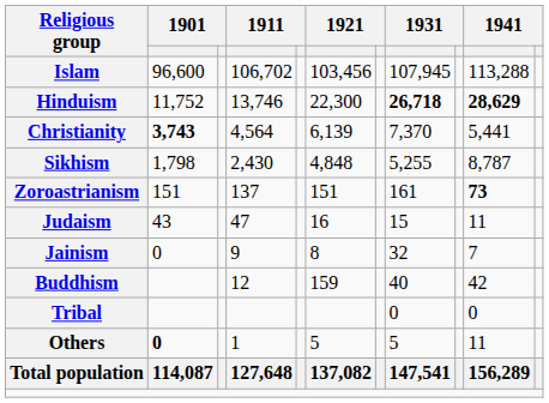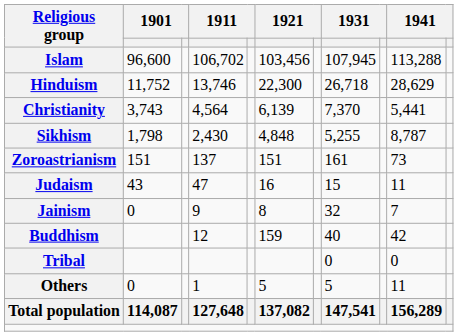 <table class="wikitable sortable">
 <tr>
 <th rowspan="2"><a href='#'>Religious</a><br>group</th>
 <th colspan="2">1901</th>
 <th colspan="2">1911</th>
 <th colspan="2">1921</th>
 <th colspan="2">1931</th>
 <th colspan="2">1941</th>
 </tr>
 <tr>
 <th><a href='#'></a></th>
 <th></th>
 <th></th>
 <th></th>
 <th></th>
 <th></th>
 <th></th>
 <th></th>
 <th></th>
 <th></th>
 </tr>
 <tr>
 <th><a href='#'>Islam</a> </th>
 <td>96,600</td>
 <td></td>
 <td>106,702</td>
 <td></td>
 <td>103,456</td>
 <td></td>
 <td>107,945</td>
 <td></td>
 <td>113,288</td>
 <td></td>
 </tr>
 <tr>
 <th><a href='#'>Hinduism</a> </th>
 <td>11,752</td>
 <td></td>
 <td>13,746</td>
 <td></td>
 <td>22,300</td>
 <td></td>
-<td><strong>26,718</strong></td>
+<td>26,718</td>
 <td></td>
-<td><strong>28,629</strong></td>
+<td>28,629</td>
 <td></td>
 </tr>
 <tr>
 <th><a href='#'>Christianity</a> </th>
-<td><strong>3,743</strong></td>
+<td>3,743</td>
 <td></td>
 <td>4,564</td>
 <td></td>
 <td>6,139</td>
 <td></td>
 <td>7,370</td>
 <td></td>
 <td>5,441</td>
 <td></td>
 </tr>
 <tr>
 <th><a href='#'>Sikhism</a> </th>
 <td>1,798</td>
 <td></td>
 <td>2,430</td>
 <td></td>
 <td>4,848</td>
 <td></td>
 <td>5,255</td>
 <td></td>
 <td>8,787</td>
 <td></td>
 </tr>
 <tr>
 <th><a href='#'>Zoroastrianism</a> </th>
 <td>151</td>
 <td></td>
 <td>137</td>
 <td></td>
 <td>151</td>
 <td></td>
 <td>161</td>
 <td></td>
-<td><strong>73</strong></td>
+<td>73</td>
 <td></td>
 </tr>
 <tr>
 <th><a href='#'>Judaism</a> </th>
 <td>43</td>
 <td></td>
 <td>47</td>
 <td></td>
 <td>16</td>
 <td></td>
 <td>15</td>
 <td></td>
 <td>11</td>
 <td></td>
 </tr>
 <tr>
 <th><a href='#'>Jainism</a> </th>
 <td>0</td>
 <td></td>
 <td>9</td>
 <td></td>
 <td>8</td>
 <td></td>
 <td>32</td>
 <td></td>
 <td>7</td>
 <td></td>
 </tr>
 <tr>
 <th><a href='#'>Buddhism</a> </th>
 <td></td>
 <td></td>
 <td>12</td>
 <td></td>
 <td>159</td>
 <td></td>
 <td>40</td>
 <td></td>
 <td>42</td>
 <td></td>
 </tr>
 <tr>
 <th><a href='#'>Tribal</a></th>
 <td></td>
 <td></td>
 <td></td>
 <td></td>
 <td></td>
 <td></td>
 <td>0</td>
 <td></td>
 <td>0</td>
 <td></td>
 </tr>
 <tr>
 <th>Others</th>
-<td><strong>0</strong></td>
+<td>0</td>
 <td></td>
 <td>1</td>
 <td></td>
 <td>5</td>
 <td></td>
 <td>5</td>
 <td></td>
 <td>11</td>
 <td></td>
 </tr>
 <tr>
 <th>Total population</th>
 <th>114,087</th>
 <th></th>
 <th>127,648</th>
 <th></th>
 <th>137,082</th>
 <th></th>
 <th>147,541</th>
 <th></th>
 <th>156,289</th>
 <th></th>
 </tr>
 <tr class="sortbottom">
 <td colspan="11"></td>
 </tr>
 </table>
